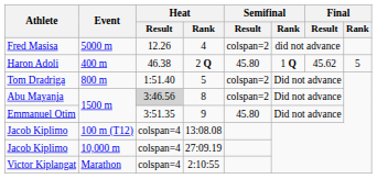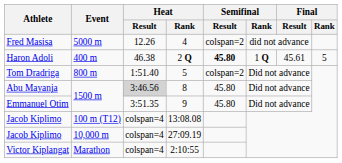 <table class="wikitable" style="font-size:90%; text-align:center">
 <tr>
 <th rowspan=2>Athlete</th>
 <th rowspan=2>Event</th>
 <th colspan=2>Heat</th>
 <th colspan=2>Semifinal</th>
 <th colspan=2>Final</th>
 </tr>
 <tr style="font-size:95%">
 <th>Result</th>
 <th>Rank</th>
 <th>Result</th>
 <th>Rank</th>
 <th>Result</th>
 <th>Rank</th>
 </tr>
 <tr>
 <td align=left><a href='#'>Fred Masisa</a></td>
 <td align=left><a href='#'>5000 m</a></td>
 <td>12.26</td>
 <td>4</td>
 <td>colspan=2 </td>
 <td colspan=2>did not advance</td>
 </tr>
 <tr>
 <td align="left"><a href='#'>Haron Adoli</a></td>
 <td rowspan="1" align="left"><a href='#'>400 m</a></td>
 <td>46.38</td>
 <td>2 <strong>Q</strong></td>
-<td>45.80</td>
+<td><strong>45.80</strong></td>
 <td>1 <strong>Q</strong></td>
-<td>45.62</td>
+<td>45.61</td>
 <td>5</td>
 </tr>
 <tr>
 <td align="left"><a href='#'>Tom Dradriga</a></td>
 <td rowspan="1" align="left"><a href='#'>800 m</a></td>
 <td>1:51.40</td>
 <td>5</td>
 <td>colspan=2 </td>
 <td colspan="2">Did not advance</td>
 </tr>
 <tr>
 <td align="left"><a href='#'>Abu Mayanja</a></td>
 <td rowspan="2" align="left"><a href='#'>1500 m</a></td>
 <td style="background: lightgrey;">3:46.56</td>
 <td>8</td>
-<td>colspan=2 </td>
+<td>45.80</td>
 <td colspan="2">Did not advance</td>
 </tr>
 <tr>
 <td align="left"><a href='#'>Emmanuel Otim</a></td>
 <td>3:51.35</td>
 <td>9</td>
 <td>45.80</td>
 <td colspan="2">Did not advance</td>
 </tr>
 <tr>
 <td align="left"><a href='#'>Jacob Kiplimo</a></td>
 <td align=left><a href='#'>100 m (T12)</a></td>
 <td>colspan=4 </td>
 <td>13:08.08</td>
 <td></td>
 </tr>
 <tr>
 <td align=left><a href='#'>Jacob Kiplimo</a></td>
 <td align=left rowspan=1><a href='#'>10,000 m</a></td>
 <td>colspan=4 </td>
 <td>27:09.19</td>
 <td></td>
 </tr>
 <tr>
 <td align=left><a href='#'>Victor Kiplangat</a></td>
 <td align=left rowspan=1><a href='#'>Marathon</a></td>
 <td>colspan=4 </td>
 <td>2:10:55</td>
 <td></td>
 </tr>
 </table>
